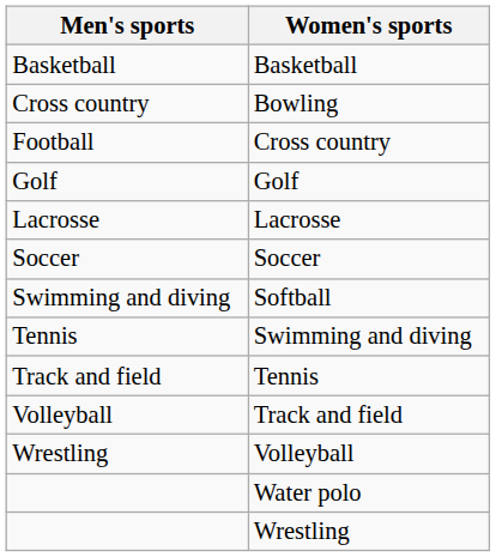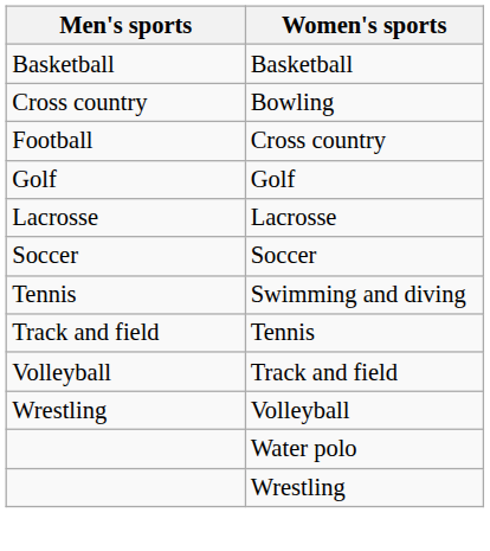 <table class="wikitable"; style= "float:right"; "text-align: ">
 <tr>
 <th width=150px>Men's sports</th>
 <th width=150px>Women's sports</th>
 </tr>
 <tr>
 <td>Basketball</td>
 <td>Basketball</td>
 </tr>
 <tr>
 <td>Cross country</td>
 <td>Bowling</td>
 </tr>
 <tr>
 <td>Football</td>
 <td>Cross country</td>
 </tr>
 <tr>
 <td>Golf</td>
 <td>Golf</td>
 </tr>
 <tr>
 <td>Lacrosse</td>
 <td>Lacrosse</td>
 </tr>
 <tr>
 <td>Soccer</td>
 <td>Soccer</td>
 </tr>
 <tr>
-<td>Swimming and diving</td>
-<td>Softball</td>
-</tr>
-<tr>
 <td>Tennis</td>
 <td>Swimming and diving</td>
 </tr>
 <tr>
 <td>Track and field</td>
 <td>Tennis</td>
 </tr>
 <tr>
 <td>Volleyball</td>
 <td>Track and field</td>
 </tr>
 <tr>
 <td>Wrestling</td>
 <td>Volleyball</td>
 </tr>
 <tr>
 <td></td>
 <td>Water polo</td>
 </tr>
 <tr>
 <td></td>
 <td>Wrestling</td>
 </tr>
 </table>
